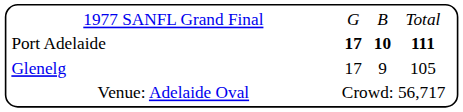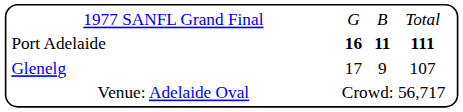 <table style="margin-right:4px; margin-top:8px; float:right; border:1px #000 solid; border-radius:8px; background:#fff; font-family:Verdana; font-size:8pt; text-align:center;">
 <tr>
 <td width=200><a href='#'>1977 SANFL Grand Final</a></td>
 <td><em>G</em></td>
 <td><em>B</em></td>
 <td><em>Total</em></td>
 </tr>
 <tr>
 <td style="text-align:left">Port Adelaide</td>
-<td><strong>17</strong></td>
-<td><strong>10</strong></td>
+<td><strong>16</strong></td>
+<td><strong>11</strong></td>
 <td><strong>111</strong></td>
 </tr>
 <tr>
 <td style="text-align:left"><a href='#'>Glenelg</a></td>
 <td>17</td>
 <td>9</td>
-<td>105</td>
+<td>107</td>
 </tr>
 <tr>
 <td>Venue: <a href='#'>Adelaide Oval</a></td>
 <td colspan=3>Crowd: 56,717</td>
 <td colspan=3></td>
 </tr>
 </table>
